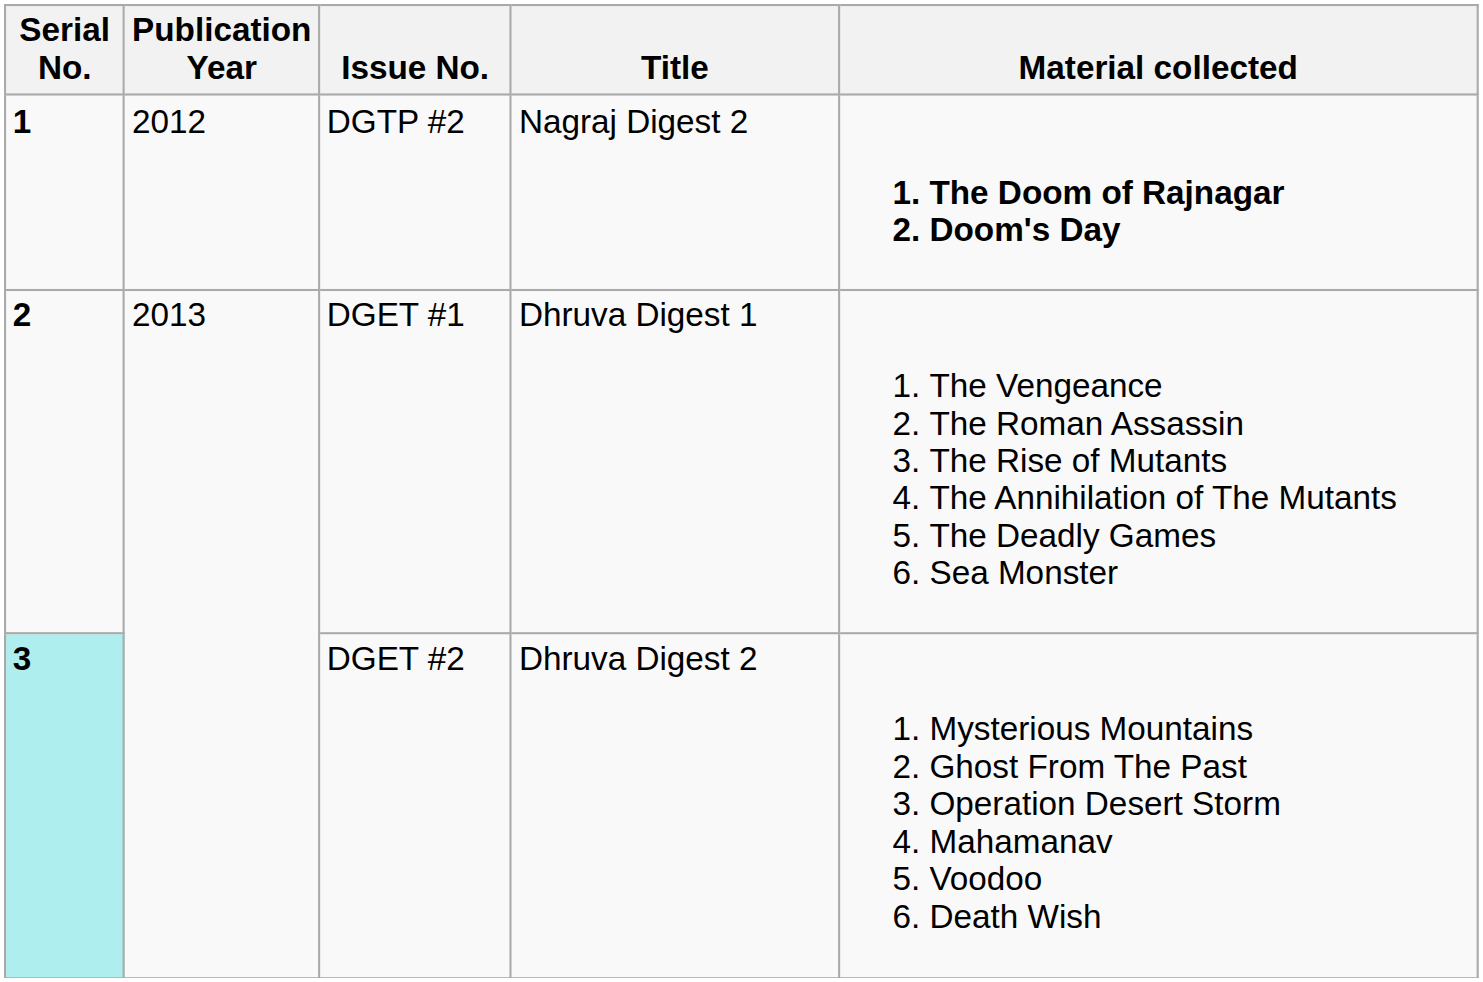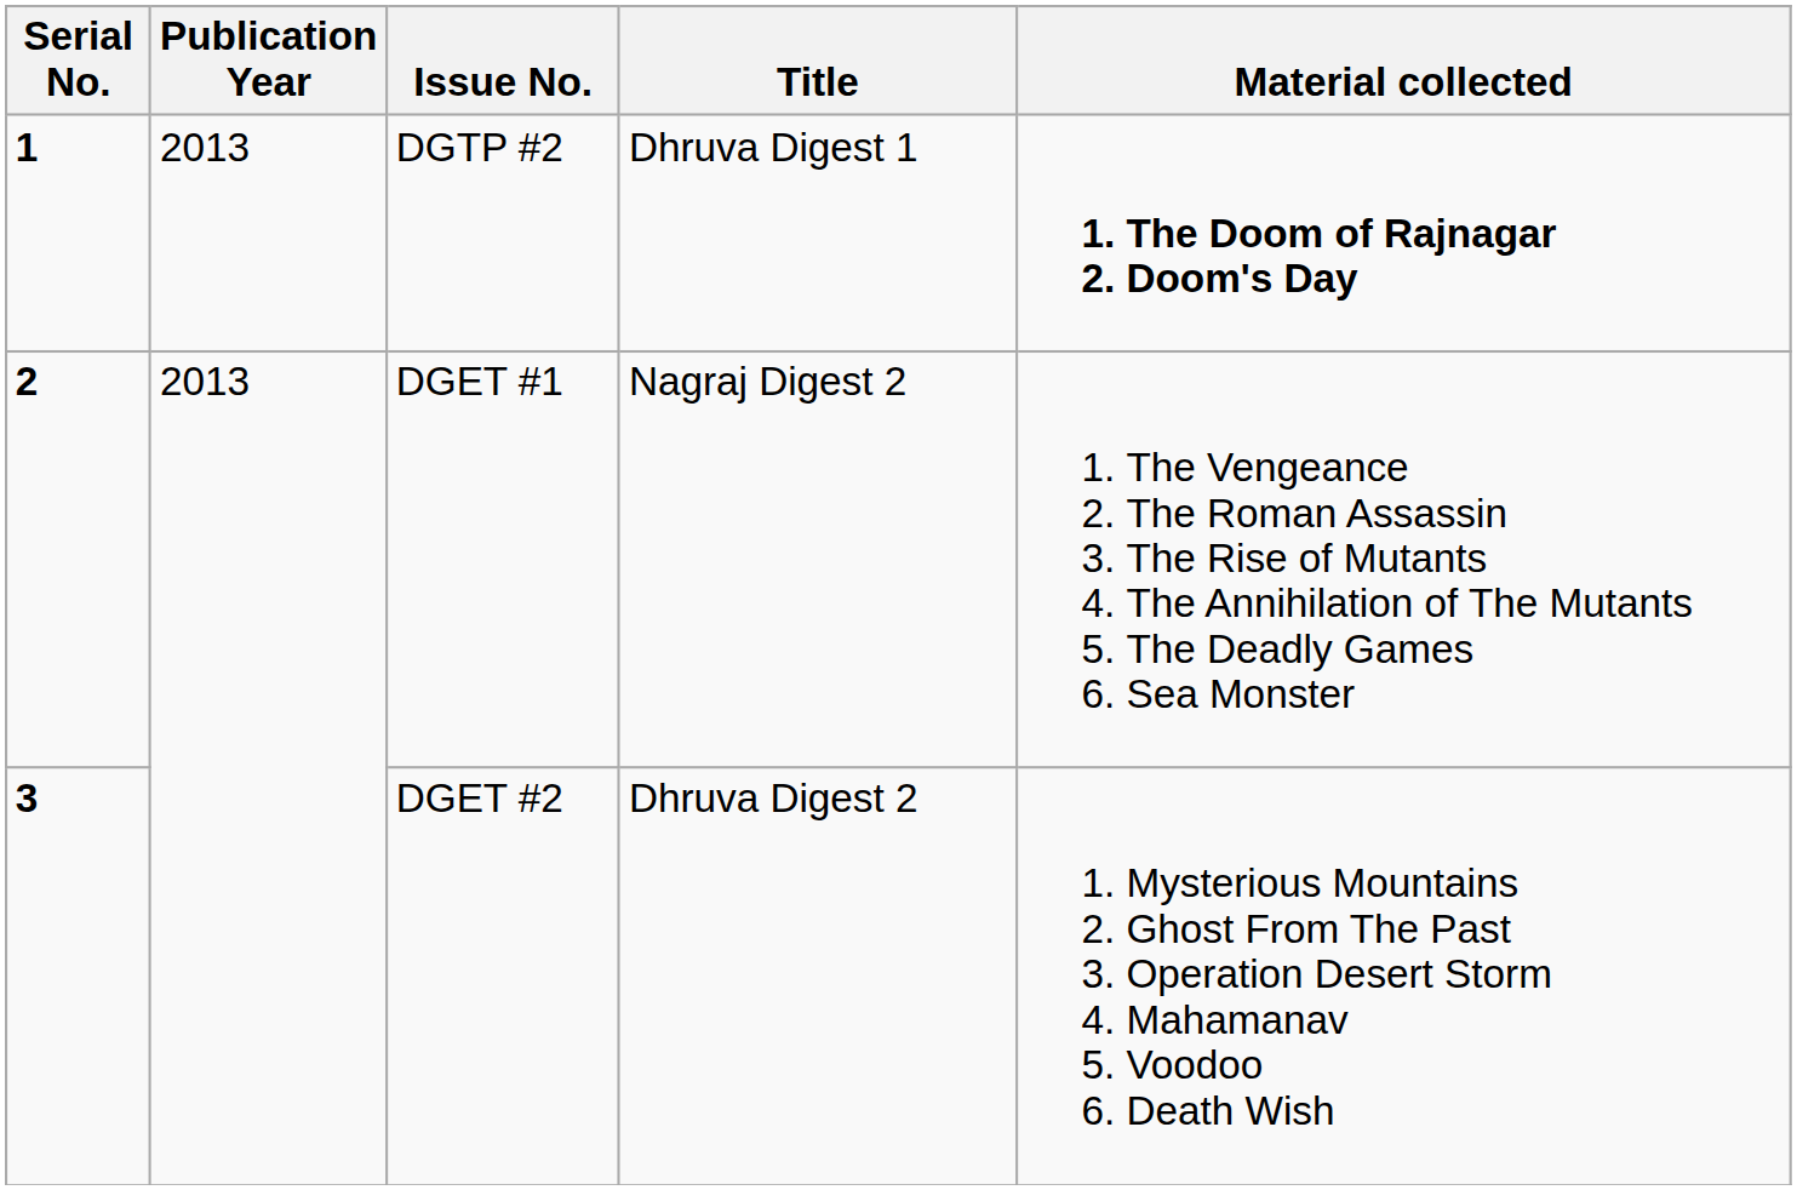 <table class="wikitable unsortable">
 <tr>
 <th style="vertical-align:bottom; width:50px;">Serial No.</th>
 <th style="vertical-align:bottom; width:85px;">Publication Year</th>
 <th style="vertical-align:bottom; width:85px;">Issue No.</th>
 <th style="vertical-align:bottom; width:150px;">Title</th>
 <th style="vertical-align:bottom; width:300px;">Material collected</th>
 </tr>
 <tr style="vertical-align:top;">
 <td><strong>1</strong></td>
-<td>2012</td>
+<td>2013</td>
 <td>DGTP #2</td>
-<td>Nagraj Digest 2</td>
+<td>Dhruva Digest 1</td>
 <td><strong><br><ol><li>The Doom of Rajnagar</li><li>Doom's Day</li></ol></strong></td>
 </tr>
 <tr style="vertical-align:top;">
 <td><strong>2</strong></td>
 <td rowspan=2>2013</td>
 <td>DGET #1</td>
-<td>Dhruva Digest 1</td>
+<td>Nagraj Digest 2</td>
 <td><br><ol><li>The Vengeance</li><li>The Roman Assassin</li><li>The Rise of Mutants</li><li>The Annihilation of The Mutants</li><li>The Deadly Games</li><li>Sea Monster</li></ol></td>
 </tr>
 <tr style="vertical-align:top;">
-<td style="background: paleturquoise;"><strong>3</strong></td>
+<td><strong>3</strong></td>
 <td>DGET #2</td>
 <td>Dhruva Digest 2</td>
 <td><br><ol><li>Mysterious Mountains</li><li>Ghost From The Past</li><li>Operation Desert Storm</li><li>Mahamanav</li><li>Voodoo</li><li>Death Wish</li></ol></td>
 </tr>
 <tr style="vertical-align:top;">
 </tr>
 </table>
